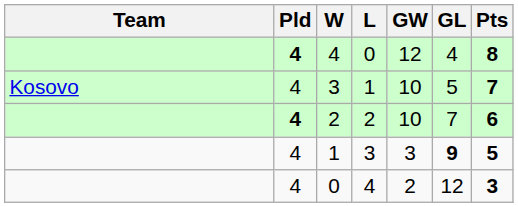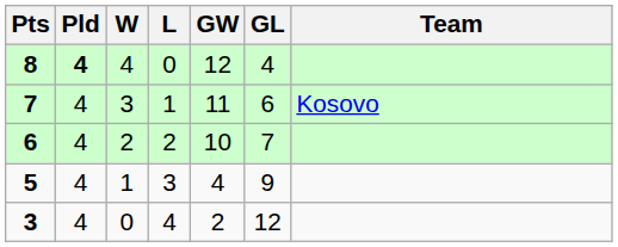 <table class="wikitable" style="text-align:center">
 <tr>
-<th width=200>Team</th>
+<th width=20>Pts</th>
 <th width=20>Pld</th>
 <th width=20>W</th>
 <th width=20>L</th>
 <th width=20>GW</th>
 <th width=20>GL</th>
-<th width=20>Pts</th>
+<th width=200>Team</th>
 </tr>
 <tr bgcolor=ccffcc>
-<td style="text-align:left;"></td>
+<td><strong>8</strong></td>
 <td><strong>4</strong></td>
 <td>4</td>
 <td>0</td>
 <td>12</td>
 <td>4</td>
-<td><strong>8</strong></td>
+<td style="text-align:left;"></td>
 </tr>
 <tr bgcolor=ccffcc>
-<td style="text-align:left;"> <a href='#'>Kosovo</a></td>
+<td><strong>7</strong></td>
 <td>4</td>
 <td>3</td>
 <td>1</td>
-<td>10</td>
-<td>5</td>
-<td><strong>7</strong></td>
+<td>11</td>
+<td>6</td>
+<td style="text-align:left;"> <a href='#'>Kosovo</a></td>
 </tr>
 <tr bgcolor=ccffcc>
-<td style="text-align:left;"></td>
-<td><strong>4</strong></td>
+<td><strong>6</strong></td>
+<td>4</td>
 <td>2</td>
 <td>2</td>
 <td>10</td>
 <td>7</td>
-<td><strong>6</strong></td>
+<td style="text-align:left;"></td>
 </tr>
 <tr>
-<td style="text-align:left;"></td>
+<td><strong>5</strong></td>
 <td>4</td>
 <td>1</td>
 <td>3</td>
-<td>3</td>
-<td><strong>9</strong></td>
-<td><strong>5</strong></td>
+<td>4</td>
+<td>9</td>
+<td style="text-align:left;"></td>
 </tr>
 <tr>
-<td style="text-align:left;"></td>
+<td><strong>3</strong></td>
 <td>4</td>
 <td>0</td>
 <td>4</td>
 <td>2</td>
 <td>12</td>
-<td><strong>3</strong></td>
+<td style="text-align:left;"></td>
 </tr>
 </table>
